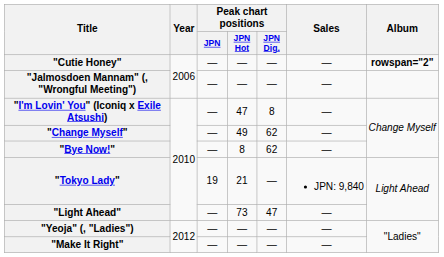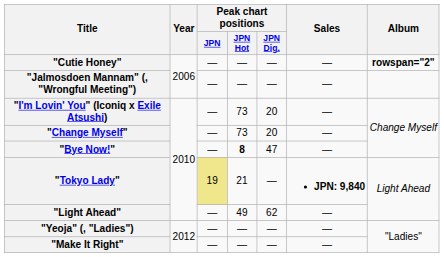 <table class="wikitable plainrowheaders" style="text-align:center;">
 <tr>
 <th scope="col" rowspan="2" style="width:16em;">Title</th>
 <th scope="col" rowspan="2">Year</th>
 <th scope="col" colspan="3">Peak chart positions</th>
 <th scope="col" rowspan="2">Sales</th>
 <th scope="col" rowspan="2">Album</th>
 </tr>
 <tr>
 <th style="width:3em;font-size:85%"><a href='#'>JPN</a><br></th>
 <th style="width:3em;font-size:85%"><a href='#'>JPN<br>Hot</a><br></th>
 <th style="width:3em;font-size:85%"><a href='#'>JPN<br>Dig.</a><br></th>
 </tr>
 <tr>
 <th scope="row">"Cutie Honey"</th>
 <td rowspan="2">2006</td>
 <td>—</td>
 <td>—</td>
 <td>—</td>
 <td>—</td>
 <td><strong>rowspan="2" </strong></td>
 </tr>
 <tr>
 <th scope="row">"Jalmosdoen Mannam" (, "Wrongful Meeting")</th>
 <td>—</td>
 <td>—</td>
 <td>—</td>
 <td>—</td>
 </tr>
 <tr>
 <th scope="row">"<a href='#'>I'm Lovin' You</a>" <span>(Iconiq x <a href='#'>Exile Atsushi</a>)</span></th>
 <td rowspan="5">2010</td>
 <td>—</td>
-<td>47</td>
-<td>8</td>
+<td>73</td>
+<td>20</td>
 <td>—</td>
 <td rowspan="3"><em>Change Myself</em></td>
 </tr>
 <tr>
 <th scope="row">"<a href='#'>Change Myself</a>"</th>
 <td>—</td>
-<td>49</td>
-<td>62</td>
+<td>73</td>
+<td>20</td>
 <td>—</td>
 </tr>
 <tr>
 <th scope="row">"<a href='#'>Bye Now!</a>"</th>
 <td>—</td>
-<td>8</td>
-<td>62</td>
+<td><strong>8</strong></td>
+<td>47</td>
 <td>—</td>
 </tr>
 <tr>
 <th scope="row">"<a href='#'>Tokyo Lady</a>"</th>
-<td>19</td>
+<td style="background: khaki;">19</td>
 <td>21</td>
 <td>—</td>
-<td><br><ul><li>JPN: 9,840</li></ul></td>
+<td><strong><br><ul><li>JPN: 9,840</li></ul></strong></td>
 <td rowspan="2"><em>Light Ahead</em></td>
 </tr>
 <tr>
 <th scope="row">"Light Ahead"</th>
 <td>—</td>
-<td>73</td>
-<td>47</td>
+<td>49</td>
+<td>62</td>
 <td>—</td>
 </tr>
 <tr>
 <th scope="row">"Yeoja" (, "Ladies")</th>
 <td rowspan="2">2012</td>
 <td>—</td>
 <td>—</td>
 <td>—</td>
 <td>—</td>
 <td rowspan="2">"Ladies"</td>
 </tr>
 <tr>
 <th scope="row">"Make It Right"</th>
 <td>—</td>
 <td>—</td>
 <td>—</td>
 <td>—</td>
 </tr>
 </table>
